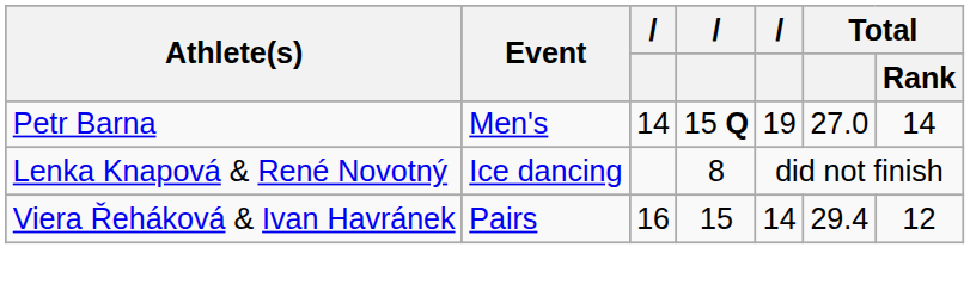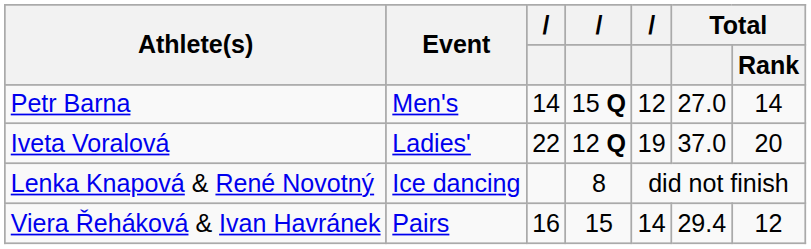 <table class="wikitable" style="font-size:90%">
 <tr>
 <th rowspan="2">Athlete(s)</th>
 <th rowspan="2">Event</th>
 <th>/</th>
 <th>/</th>
 <th>/</th>
 <th colspan="2">Total</th>
 </tr>
 <tr>
 <th></th>
 <th></th>
 <th></th>
 <th></th>
 <th>Rank</th>
 </tr>
 <tr align="center">
 <td align="left"><a href='#'>Petr Barna</a></td>
 <td align="left"><a href='#'>Men's</a></td>
 <td>14</td>
 <td>15 <strong>Q</strong></td>
-<td>19</td>
+<td>12</td>
 <td>27.0</td>
 <td>14</td>
+</tr>
+<tr align="center">
+<td align="left"><a href='#'>Iveta Voralová</a></td>
+<td align="left"><a href='#'>Ladies'</a></td>
+<td>22</td>
+<td>12 <strong>Q</strong></td>
+<td>19</td>
+<td>37.0</td>
+<td>20</td>
 </tr>
 <tr align="center">
 <td align="left"><a href='#'>Lenka Knapová</a> & <a href='#'>René Novotný</a></td>
 <td align="left"><a href='#'>Ice dancing</a></td>
 <td></td>
 <td>8</td>
 <td colspan=3>did not finish</td>
 </tr>
 <tr align="center">
 <td align="left"><a href='#'>Viera Řeháková</a> & <a href='#'>Ivan Havránek</a></td>
 <td align="left"><a href='#'>Pairs</a></td>
 <td>16</td>
 <td>15</td>
 <td>14</td>
 <td>29.4</td>
 <td>12</td>
 </tr>
 </table>
